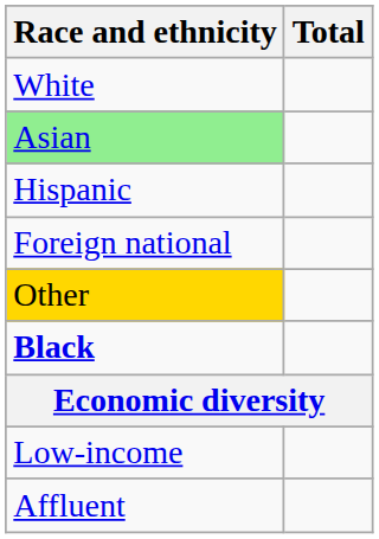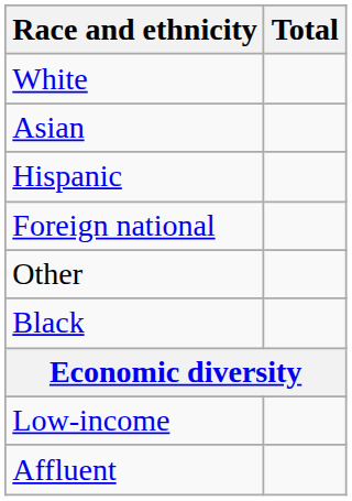 <table class="wikitable sortable mw-collapsible floatright collapsible" ; text-align:right; font-size:80%;">
 <tr>
 <th>Race and ethnicity</th>
 <th colspan="2" data-sort-type=number>Total</th>
 </tr>
 <tr>
 <td><a href='#'>White</a></td>
 <td align=right></td>
 </tr>
 <tr>
-<td style="background: lightgreen;"><a href='#'>Asian</a></td>
+<td><a href='#'>Asian</a></td>
 <td align=right></td>
 </tr>
 <tr>
 <td><a href='#'>Hispanic</a></td>
 <td align=right></td>
 </tr>
 <tr>
 <td><a href='#'>Foreign national</a></td>
 <td align=right></td>
 </tr>
 <tr>
-<td style="background: gold;">Other</td>
+<td>Other</td>
 <td align=right></td>
 </tr>
 <tr>
-<td><strong><a href='#'>Black</a></strong></td>
+<td><a href='#'>Black</a></td>
 <td align=right></td>
 </tr>
 <tr>
 <th colspan="4" data-sort-type=number><a href='#'>Economic diversity</a></th>
 </tr>
 <tr>
 <td><a href='#'>Low-income</a></td>
 <td align=right></td>
 </tr>
 <tr>
 <td><a href='#'>Affluent</a></td>
 <td align=right></td>
 </tr>
 </table>
